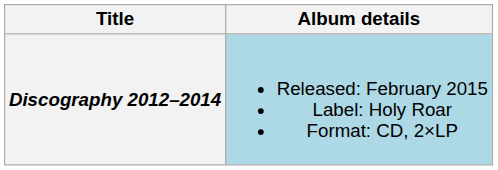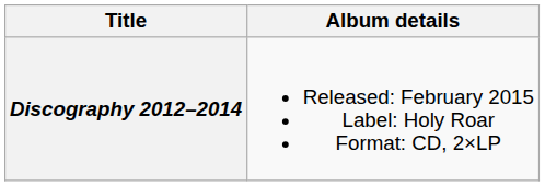 <table class="wikitable plainrowheaders" style="text-align:center;" border="1">
 <tr>
 <th scope="col">Title</th>
 <th scope="col">Album details</th>
 </tr>
 <tr>
 <th scope="row"><em>Discography 2012–2014</em></th>
-<td style="background: lightblue;"><br><ul><li>Released: February 2015</li><li>Label: Holy Roar</li><li>Format: CD, 2×LP</li></ul></td>
+<td><br><ul><li>Released: February 2015</li><li>Label: Holy Roar</li><li>Format: CD, 2×LP</li></ul></td>
 </tr>
 </table>
